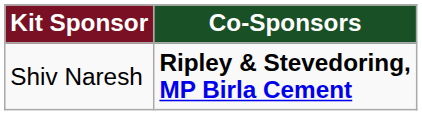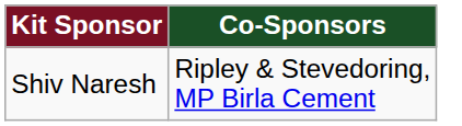 <table class="wikitable">
 <tr>
 <th style = "background:#7a1024; color:white; text-align:center;">Kit Sponsor</th>
 <th style = "background:#1a5026; color:white; text-align:center;">Co-Sponsors</th>
 </tr>
 <tr>
 <td>Shiv Naresh</td>
-<td><strong>Ripley & Stevedoring,<br><a href='#'>MP Birla Cement</a></strong></td>
+<td>Ripley & Stevedoring,<br><a href='#'>MP Birla Cement</a></td>
 </tr>
 </table>
